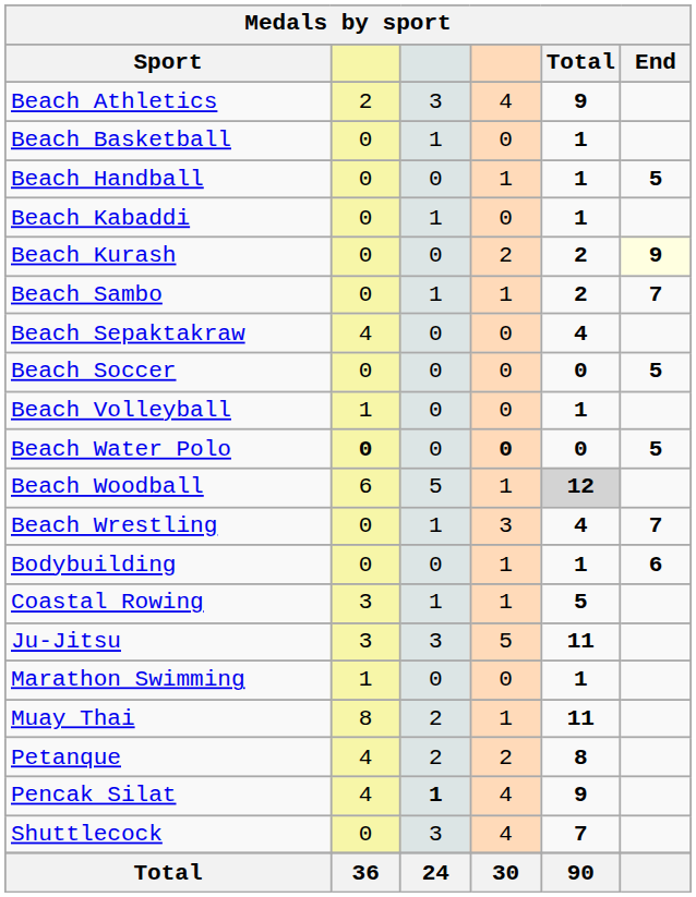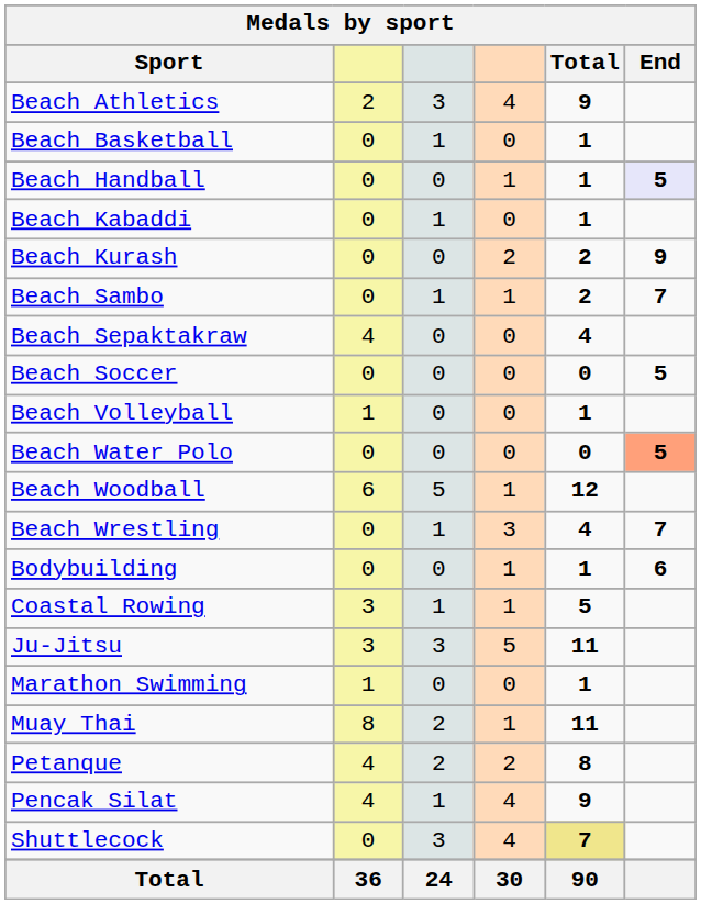 <table class="wikitable" style="font-size:90%; text-align:center;">
 <tr>
 <th colspan=6>Medals by sport</th>
 </tr>
 <tr>
 <th width=160>Sport</th>
 <th scope="col" width=30 style="background:#F7F6A8;"></th>
 <th scope="col" width=30 style="background:#DCE5E5;"></th>
 <th scope="col" width=30 style="background:#FFDAB9;"></th>
 <th width=30>Total</th>
 <th width=30>End</th>
 </tr>
 <tr>
 <td align=left> <a href='#'>Beach Athletics</a></td>
 <td style="background:#F7F6A8;">2</td>
 <td style="background:#DCE5E5;">3</td>
 <td style="background:#FFDAB9;">4</td>
 <td><strong>9</strong></td>
 <td></td>
 </tr>
 <tr>
 <td align=left> <a href='#'>Beach Basketball</a></td>
 <td style="background:#F7F6A8;">0</td>
 <td style="background:#DCE5E5;">1</td>
 <td style="background:#FFDAB9;">0</td>
 <td><strong>1</strong></td>
 <td></td>
 </tr>
 <tr>
 <td align=left> <a href='#'>Beach Handball</a></td>
 <td style="background:#F7F6A8;">0</td>
 <td style="background:#DCE5E5;">0</td>
 <td style="background:#FFDAB9;">1</td>
 <td><strong>1</strong></td>
-<td><strong>5</strong></td>
+<td style="background: lavender;"><strong>5</strong></td>
 </tr>
 <tr>
 <td align=left> <a href='#'>Beach Kabaddi</a></td>
 <td style="background:#F7F6A8;">0</td>
 <td style="background:#DCE5E5;">1</td>
 <td style="background:#FFDAB9;">0</td>
 <td><strong>1</strong></td>
 <td></td>
 </tr>
 <tr>
 <td align=left> <a href='#'>Beach Kurash</a></td>
 <td style="background:#F7F6A8;">0</td>
 <td style="background:#DCE5E5;">0</td>
 <td style="background:#FFDAB9;">2</td>
 <td><strong>2</strong></td>
-<td style="background: lightyellow;"><strong>9</strong></td>
+<td><strong>9</strong></td>
 </tr>
 <tr>
 <td align=left> <a href='#'>Beach Sambo</a></td>
 <td style="background:#F7F6A8;">0</td>
 <td style="background:#DCE5E5;">1</td>
 <td style="background:#FFDAB9;">1</td>
 <td><strong>2</strong></td>
 <td><strong>7</strong></td>
 </tr>
 <tr>
 <td align=left> <a href='#'>Beach Sepaktakraw</a></td>
 <td style="background:#F7F6A8;">4</td>
 <td style="background:#DCE5E5;">0</td>
 <td style="background:#FFDAB9;">0</td>
 <td><strong>4</strong></td>
 <td></td>
 </tr>
 <tr>
 <td align=left> <a href='#'>Beach Soccer</a></td>
 <td style="background:#F7F6A8;">0</td>
 <td style="background:#DCE5E5;">0</td>
 <td style="background:#FFDAB9;">0</td>
 <td><strong>0</strong></td>
 <td><strong>5</strong></td>
 </tr>
 <tr>
 <td align=left> <a href='#'>Beach Volleyball</a></td>
 <td style="background:#F7F6A8;">1</td>
 <td style="background:#DCE5E5;">0</td>
 <td style="background:#FFDAB9;">0</td>
 <td><strong>1</strong></td>
 <td></td>
 </tr>
 <tr>
 <td align=left> <a href='#'>Beach Water Polo</a></td>
-<td style="background:#F7F6A8;"><strong>0</strong></td>
+<td style="background:#F7F6A8;">0</td>
 <td style="background:#DCE5E5;">0</td>
-<td style="background:#FFDAB9;"><strong>0</strong></td>
+<td style="background:#FFDAB9;">0</td>
 <td><strong>0</strong></td>
-<td><strong>5</strong></td>
+<td style="background: lightsalmon;"><strong>5</strong></td>
 </tr>
 <tr>
 <td align=left> <a href='#'>Beach Woodball</a></td>
 <td style="background:#F7F6A8;">6</td>
 <td style="background:#DCE5E5;">5</td>
 <td style="background:#FFDAB9;">1</td>
-<td style="background: lightgrey;"><strong>12</strong></td>
+<td><strong>12</strong></td>
 <td></td>
 </tr>
 <tr>
 <td align=left> <a href='#'>Beach Wrestling</a></td>
 <td style="background:#F7F6A8;">0</td>
 <td style="background:#DCE5E5;">1</td>
 <td style="background:#FFDAB9;">3</td>
 <td><strong>4</strong></td>
 <td><strong>7</strong></td>
 </tr>
 <tr>
 <td align=left> <a href='#'>Bodybuilding</a></td>
 <td style="background:#F7F6A8;">0</td>
 <td style="background:#DCE5E5;">0</td>
 <td style="background:#FFDAB9;">1</td>
 <td><strong>1</strong></td>
 <td><strong>6</strong></td>
 </tr>
 <tr>
 <td align=left> <a href='#'>Coastal Rowing</a></td>
 <td style="background:#F7F6A8;">3</td>
 <td style="background:#DCE5E5;">1</td>
 <td style="background:#FFDAB9;">1</td>
 <td><strong>5</strong></td>
 <td></td>
 </tr>
 <tr>
 <td align=left> <a href='#'>Ju-Jitsu</a></td>
 <td style="background:#F7F6A8;">3</td>
 <td style="background:#DCE5E5;">3</td>
 <td style="background:#FFDAB9;">5</td>
 <td><strong>11</strong></td>
 <td></td>
 </tr>
 <tr>
 <td align=left> <a href='#'>Marathon Swimming</a></td>
 <td style="background:#F7F6A8;">1</td>
 <td style="background:#DCE5E5;">0</td>
 <td style="background:#FFDAB9;">0</td>
 <td><strong>1</strong></td>
 <td></td>
 </tr>
 <tr>
 <td align=left> <a href='#'>Muay Thai</a></td>
 <td style="background:#F7F6A8;">8</td>
 <td style="background:#DCE5E5;">2</td>
 <td style="background:#FFDAB9;">1</td>
 <td><strong>11</strong></td>
 <td></td>
 </tr>
 <tr>
 <td align=left> <a href='#'>Petanque</a></td>
 <td style="background:#F7F6A8;">4</td>
 <td style="background:#DCE5E5;">2</td>
 <td style="background:#FFDAB9;">2</td>
 <td><strong>8</strong></td>
 <td></td>
 </tr>
 <tr>
 <td align=left> <a href='#'>Pencak Silat</a></td>
 <td style="background:#F7F6A8;">4</td>
-<td style="background:#DCE5E5;"><strong>1</strong></td>
+<td style="background:#DCE5E5;">1</td>
 <td style="background:#FFDAB9;">4</td>
 <td><strong>9</strong></td>
 <td></td>
 </tr>
 <tr>
 <td align=left> <a href='#'>Shuttlecock</a></td>
 <td style="background:#F7F6A8;">0</td>
 <td style="background:#DCE5E5;">3</td>
 <td style="background:#FFDAB9;">4</td>
-<td><strong>7</strong></td>
+<td style="background: khaki;"><strong>7</strong></td>
 <td></td>
 </tr>
 <tr>
 </tr>
 <tr class="sortbottom">
 <th>Total</th>
 <th>36</th>
 <th>24</th>
 <th>30</th>
 <th>90</th>
 <th></th>
 </tr>
 </table>
